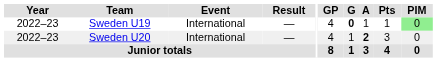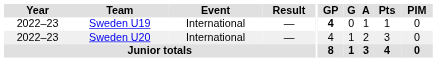 <table border="0" cellpadding="1" cellspacing="0" ID="Table3" style="text-align:center; width:40em;">
 <tr bgcolor="#e0e0e0">
 <th>Year</th>
 <th>Team</th>
 <th>Event</th>
 <th>Result</th>
 <th rowspan="98" bgcolor="#ffffff"></th>
 <th>GP</th>
 <th>G</th>
 <th>A</th>
 <th>Pts</th>
 <th>PIM</th>
 </tr>
 <tr>
 <td>2022–23</td>
 <td><a href='#'>Sweden U19</a></td>
 <td>International</td>
 <td>—</td>
-<td>4</td>
-<td><strong>0</strong></td>
+<td><strong>4</strong></td>
+<td>0</td>
 <td>1</td>
 <td>1</td>
-<td style="background: lightgreen;">0</td>
+<td>0</td>
 </tr>
 <tr bgcolor="f0f0f0">
 <td>2022–23</td>
 <td><a href='#'>Sweden U20</a></td>
 <td>International</td>
 <td>—</td>
 <td>4</td>
 <td>1</td>
-<td><strong>2</strong></td>
+<td>2</td>
 <td>3</td>
 <td>0</td>
 </tr>
 <tr bgcolor="#e0e0e0">
 <th colspan="4">Junior totals</th>
 <th>8</th>
 <th>1</th>
 <th>3</th>
 <th>4</th>
 <th>0</th>
 </tr>
 </table>
